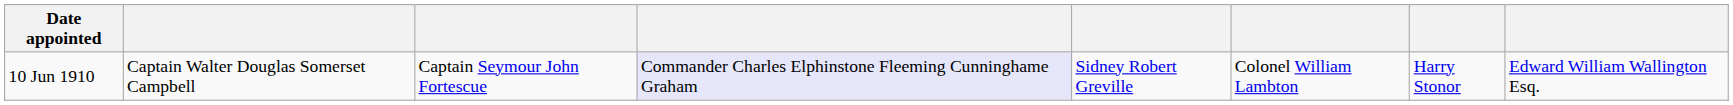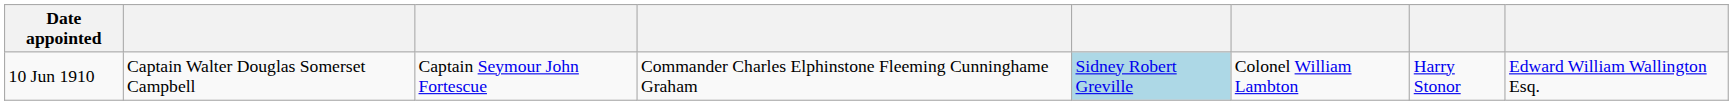 <table class="wikitable">
 <tr>
 <th>Date appointed</th>
 <th></th>
 <th></th>
 <th></th>
 <th></th>
 <th></th>
 <th></th>
 <th></th>
 </tr>
 <tr>
 <td>10 Jun 1910</td>
 <td>Captain Walter Douglas Somerset Campbell</td>
 <td>Captain <a href='#'>Seymour John Fortescue</a></td>
-<td style="background: lavender;">Commander Charles Elphinstone Fleeming Cunninghame Graham</td>
-<td><a href='#'>Sidney Robert Greville</a></td>
+<td>Commander Charles Elphinstone Fleeming Cunninghame Graham</td>
+<td style="background: lightblue;"><a href='#'>Sidney Robert Greville</a></td>
 <td>Colonel <a href='#'>William Lambton</a></td>
 <td><a href='#'>Harry Stonor</a></td>
 <td rowspan=9><a href='#'>Edward William Wallington</a> Esq.</td>
 </tr>
 </table>
